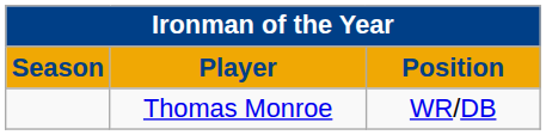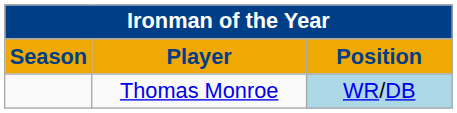 <table class="wikitable sortable" style="text-align:center">
 <tr>
 <td colspan="4" style="background:#003F87; color:#FFFFFF;"><strong>Ironman of the Year</strong></td>
 </tr>
 <tr>
 <th style="width:50px; background:#F0A804; color:#003F87;">Season</th>
 <th style="width:150px; background:#F0A804; color:#003F87;">Player</th>
 <th style="width:100px; background:#F0A804; color:#003F87;">Position</th>
 </tr>
 <tr>
 <td></td>
 <td><a href='#'>Thomas Monroe</a></td>
-<td><a href='#'>WR</a>/<a href='#'>DB</a></td>
+<td style="background: lightblue;"><a href='#'>WR</a>/<a href='#'>DB</a></td>
 </tr>
 </table>
